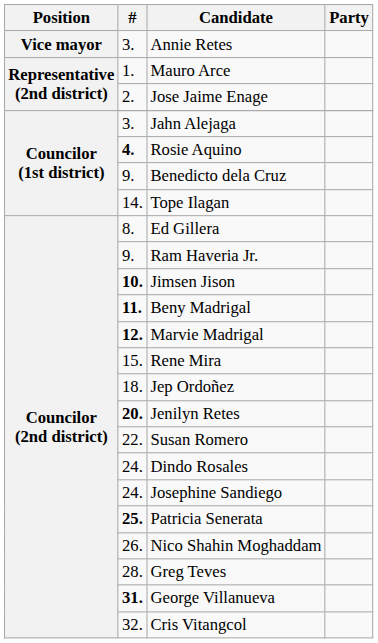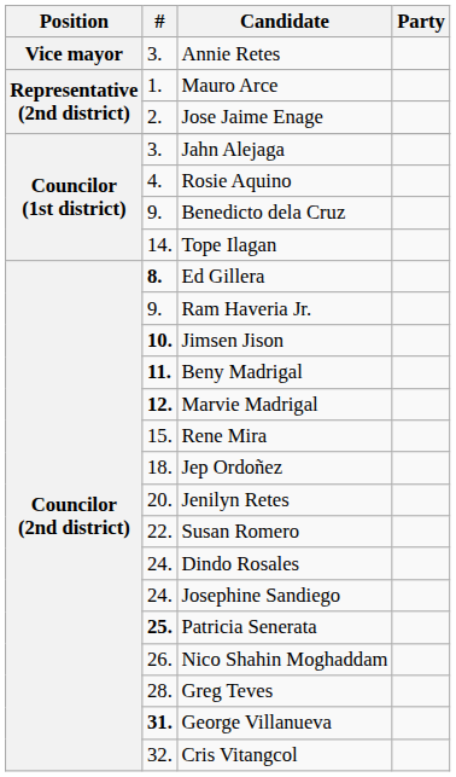 <table class="wikitable plainrowheaders" style=font-size:90%">
 <tr>
 <th>Position</th>
 <th>#</th>
 <th>Candidate</th>
 <th colspan="2">Party</th>
 </tr>
 <tr>
 <th scope="row">Vice mayor</th>
 <td>3.</td>
 <td>Annie Retes</td>
 <td></td>
 </tr>
 <tr>
 <th scope="row" rowspan="2">Representative<br>(2nd district)</th>
 <td>1.</td>
 <td>Mauro Arce</td>
 <td></td>
 </tr>
 <tr>
 <td>2.</td>
 <td>Jose Jaime Enage</td>
 <td></td>
 </tr>
 <tr>
 <th scope="row" rowspan="5">Councilor<br>(1st district)</th>
 </tr>
 <tr>
 <td>3.</td>
 <td>Jahn Alejaga</td>
 <td></td>
 </tr>
 <tr>
-<td><strong>4.</strong></td>
+<td>4.</td>
 <td>Rosie Aquino</td>
 <td></td>
 </tr>
 <tr>
 <td>9.</td>
 <td>Benedicto dela Cruz</td>
 <td></td>
 </tr>
 <tr>
 <td>14.</td>
 <td>Tope Ilagan</td>
 <td></td>
 </tr>
 <tr>
 <th scope="row" rowspan="16">Councilor<br>(2nd district)</th>
-<td>8.</td>
+<td><strong>8.</strong></td>
 <td>Ed Gillera</td>
 <td></td>
 </tr>
 <tr>
 <td>9.</td>
 <td>Ram Haveria Jr.</td>
 <td></td>
 </tr>
 <tr>
 <td><strong>10.</strong></td>
 <td>Jimsen Jison</td>
 <td></td>
 </tr>
 <tr>
 <td><strong>11.</strong></td>
 <td>Beny Madrigal</td>
 <td></td>
 </tr>
 <tr>
 <td><strong>12.</strong></td>
 <td>Marvie Madrigal</td>
 <td></td>
 </tr>
 <tr>
 <td>15.</td>
 <td>Rene Mira</td>
 <td></td>
 </tr>
 <tr>
 <td>18.</td>
 <td>Jep Ordoñez</td>
 <td></td>
 </tr>
 <tr>
-<td><strong>20.</strong></td>
+<td>20.</td>
 <td>Jenilyn Retes</td>
 <td></td>
 </tr>
 <tr>
 <td>22.</td>
 <td>Susan Romero</td>
 <td></td>
 </tr>
 <tr>
 <td>24.</td>
 <td>Dindo Rosales</td>
 <td></td>
 </tr>
 <tr>
 <td>24.</td>
 <td>Josephine Sandiego</td>
 <td></td>
 </tr>
 <tr>
 <td><strong>25.</strong></td>
 <td>Patricia Senerata</td>
 <td></td>
 </tr>
 <tr>
 <td>26.</td>
 <td>Nico Shahin Moghaddam</td>
 <td></td>
 </tr>
 <tr>
 <td>28.</td>
 <td>Greg Teves</td>
 <td></td>
 </tr>
 <tr>
 <td><strong>31.</strong></td>
 <td>George Villanueva</td>
 <td></td>
 </tr>
 <tr>
 <td>32.</td>
 <td>Cris Vitangcol</td>
 <td></td>
 </tr>
 </table>
